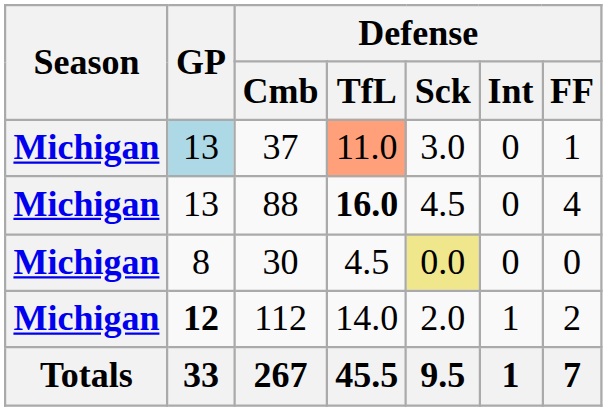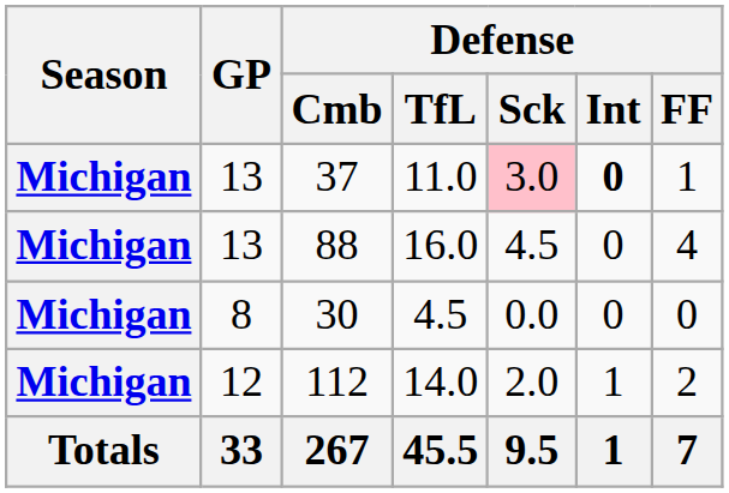 <table class="wikitable" style="text-align:center;">
 <tr>
 <th rowspan="2">Season</th>
 <th rowspan="2">GP</th>
 <th colspan="5">Defense</th>
 </tr>
 <tr>
 <th>Cmb</th>
 <th>TfL</th>
 <th>Sck</th>
 <th>Int</th>
 <th>FF</th>
 </tr>
 <tr>
 <th><a href='#'>Michigan</a></th>
-<td style="background: lightblue;">13</td>
+<td>13</td>
 <td>37</td>
-<td style="background: lightsalmon;">11.0</td>
-<td>3.0</td>
-<td>0</td>
+<td>11.0</td>
+<td style="background: pink;">3.0</td>
+<td><strong>0</strong></td>
 <td>1</td>
 </tr>
 <tr>
 <th><a href='#'>Michigan</a></th>
 <td>13</td>
 <td>88</td>
-<td><strong>16.0</strong></td>
+<td>16.0</td>
 <td>4.5</td>
 <td>0</td>
 <td>4</td>
 </tr>
 <tr>
 <th><a href='#'>Michigan</a></th>
 <td>8</td>
 <td>30</td>
 <td>4.5</td>
-<td style="background: khaki;">0.0</td>
+<td>0.0</td>
 <td>0</td>
 <td>0</td>
 </tr>
 <tr>
 <th><a href='#'>Michigan</a></th>
-<td><strong>12</strong></td>
+<td>12</td>
 <td>112</td>
 <td>14.0</td>
 <td>2.0</td>
 <td>1</td>
 <td>2</td>
 </tr>
 <tr>
 <th>Totals</th>
 <th>33</th>
 <th>267</th>
 <th>45.5</th>
 <th>9.5</th>
 <th>1</th>
 <th>7</th>
 </tr>
 </table>
